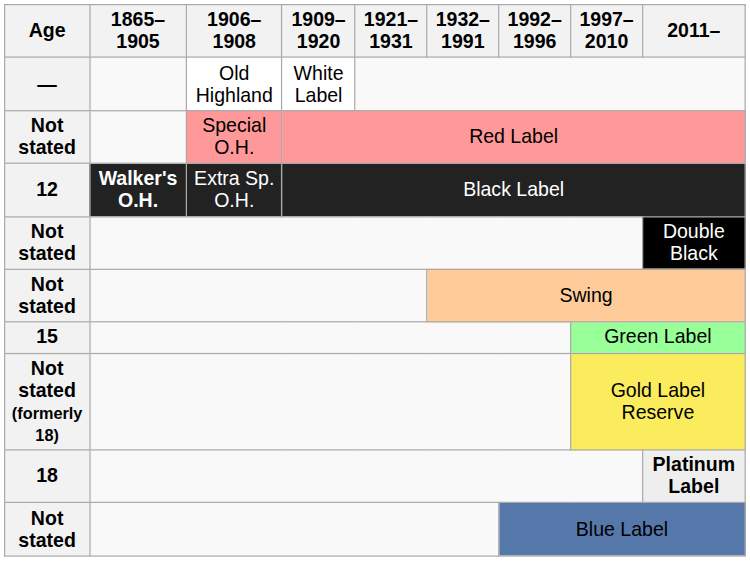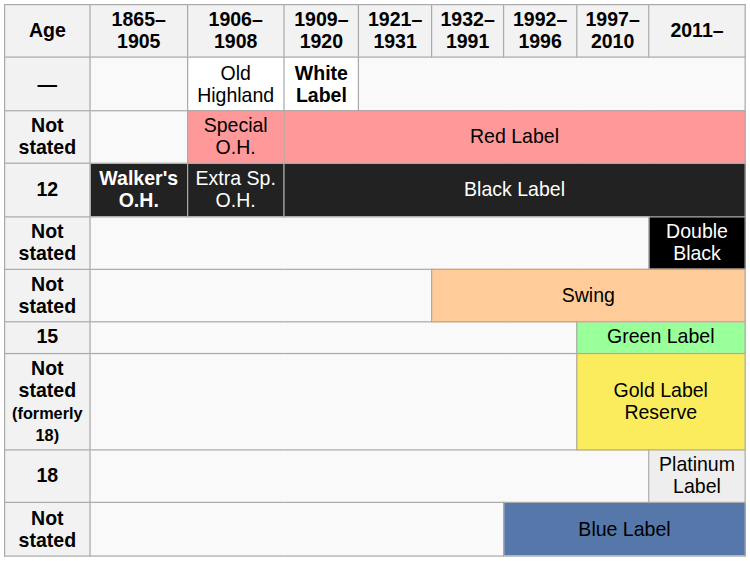 <table class="wikitable" style="text-align:center;">
 <tr>
 <th>Age</th>
 <th>1865–1905</th>
 <th>1906–1908</th>
 <th>1909–1920</th>
 <th>1921–1931</th>
 <th>1932–1991</th>
 <th>1992–1996</th>
 <th>1997–2010</th>
 <th>2011–</th>
 </tr>
 <tr>
 <th>—</th>
 <td> </td>
 <td style="background:#fff;">Old Highland</td>
-<td style="background:#fff;">White Label</td>
+<td style="background:#fff;"><strong>White Label</strong></td>
 <td colspan="5"></td>
 </tr>
 <tr>
 <th>Not stated</th>
 <td> </td>
 <td style="background:#f99;">Special O.H.</td>
 <td style="background:#f99;" colspan="6">Red Label</td>
 </tr>
 <tr>
 <th>12</th>
 <td style="background:#222222; color:white"><strong>Walker's O.H.</strong></td>
 <td style="background:#222222; color:white">Extra Sp. O.H.</td>
 <td style="background:#222222; color:white" colspan="6">Black Label</td>
 </tr>
 <tr>
 <th>Not stated</th>
 <td colspan="7"> </td>
 <td style="background:#000000; color:white">Double Black</td>
 </tr>
 <tr>
 <th>Not stated</th>
 <td colspan="4"> </td>
 <td style="background:#fc9;" colspan="4">Swing</td>
 </tr>
 <tr>
 <th>15</th>
 <td colspan="6"> </td>
 <td style="background:#9f9;" colspan="2">Green Label</td>
 </tr>
 <tr>
 <th>Not stated<br><small>(formerly 18)</small></th>
 <td colspan="6"> </td>
 <td style="background:#FBEC5D;" colspan="2">Gold Label Reserve</td>
 </tr>
 <tr>
 <th>18</th>
 <td colspan="7"> </td>
-<td style="background:#EEEEEE;"><strong>Platinum Label</strong></td>
+<td style="background:#EEEEEE;">Platinum Label</td>
 </tr>
 <tr>
 <th>Not stated</th>
 <td colspan="5"> </td>
 <td style="background:#57a;" colspan="3">Blue Label</td>
 </tr>
 </table>
